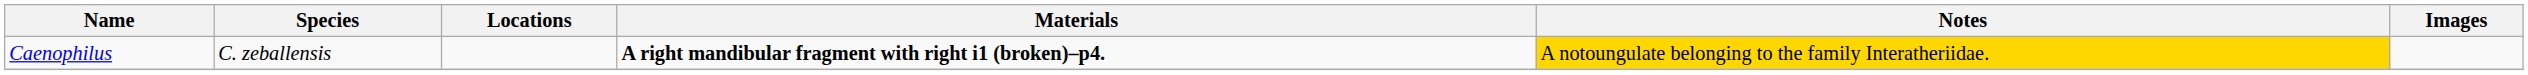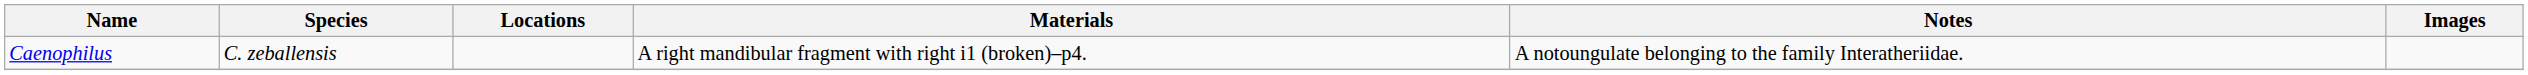 <table class="wikitable" align="center" width="100%">
 <tr>
 <th>Name</th>
 <th>Species</th>
 <th>Locations</th>
 <th>Materials</th>
 <th>Notes</th>
 <th>Images</th>
 </tr>
 <tr>
 <td><em><a href='#'>Caenophilus</a></em></td>
 <td><em>C. zeballensis</em></td>
 <td></td>
-<td><strong>A right mandibular fragment with right i1 (broken)–p4.</strong></td>
-<td style="background: gold;">A notoungulate belonging to the family Interatheriidae.</td>
+<td>A right mandibular fragment with right i1 (broken)–p4.</td>
+<td>A notoungulate belonging to the family Interatheriidae.</td>
 <td></td>
 </tr>
 <tr>
 </tr>
 </table>
